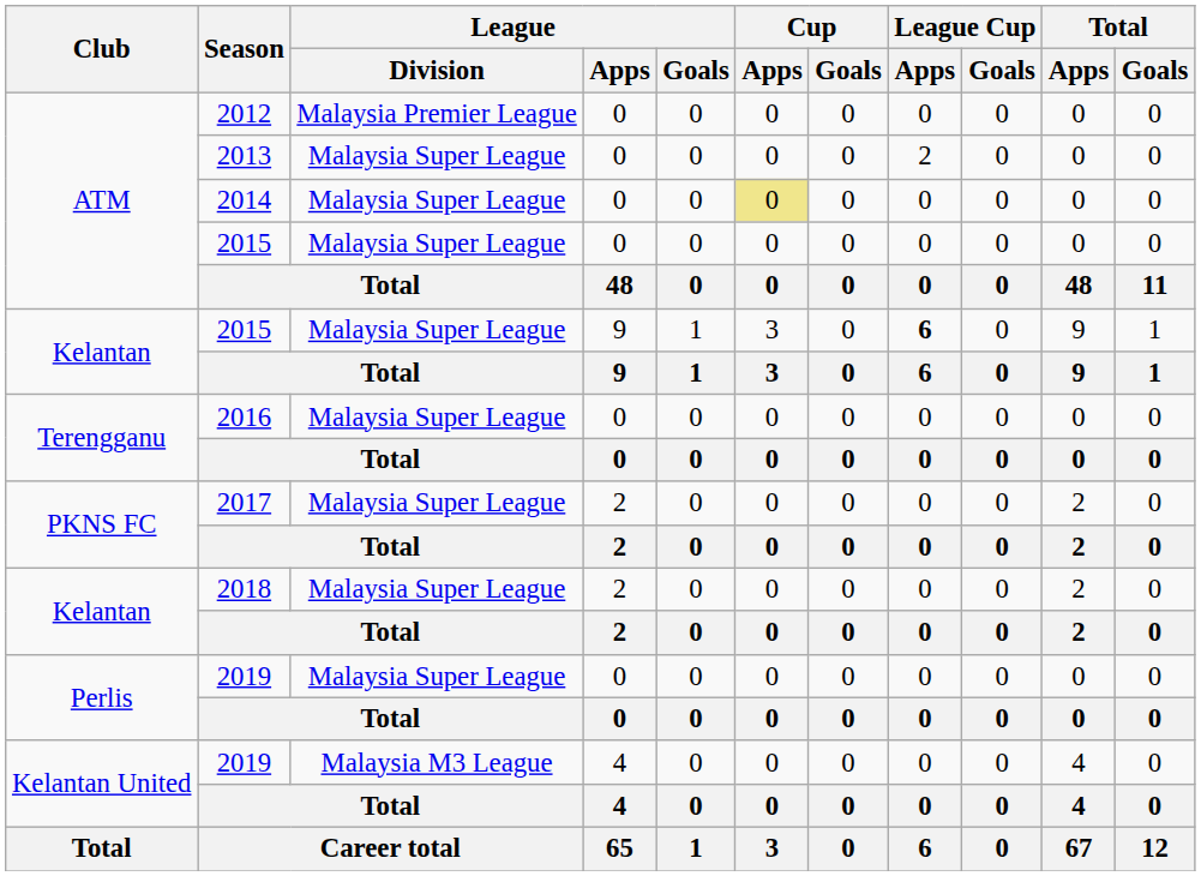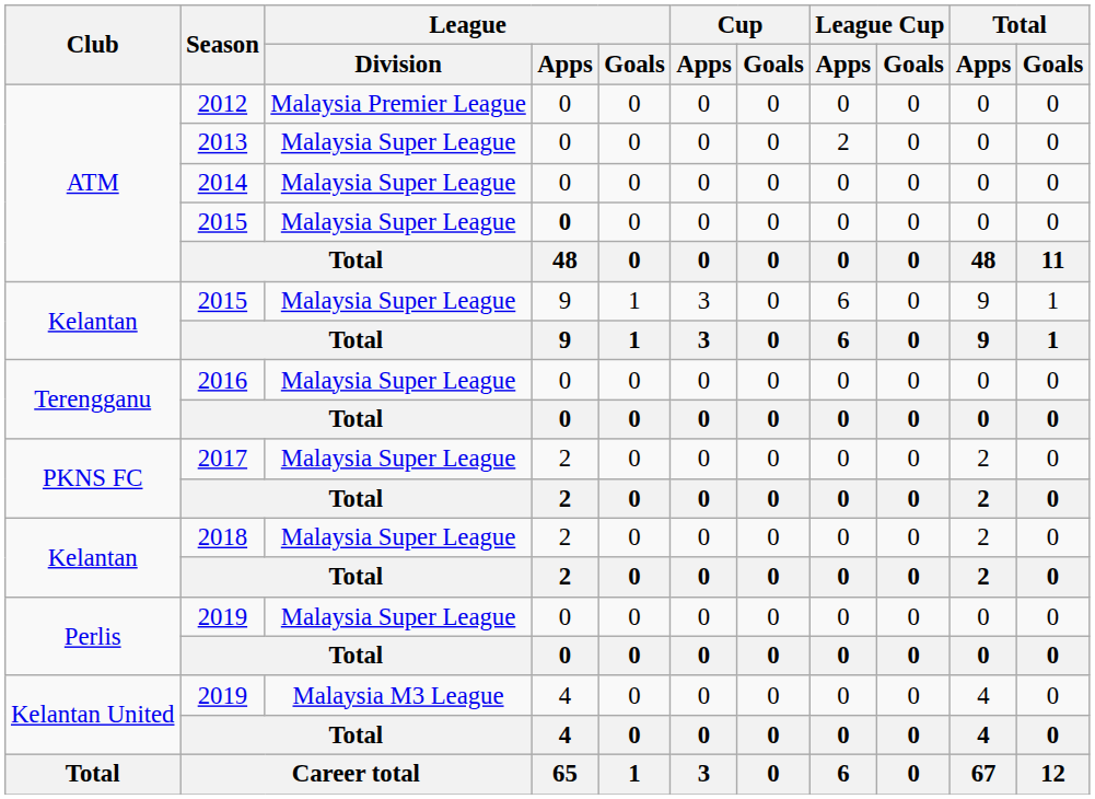 <table class="wikitable" style="text-align:center">
 <tr>
 <th rowspan="2">Club</th>
 <th rowspan="2">Season</th>
 <th colspan="3">League</th>
 <th colspan="2">Cup</th>
 <th colspan="2">League Cup</th>
 <th colspan="2">Total</th>
 </tr>
 <tr>
 <th>Division</th>
 <th>Apps</th>
 <th>Goals</th>
 <th>Apps</th>
 <th>Goals</th>
 <th>Apps</th>
 <th>Goals</th>
 <th>Apps</th>
 <th>Goals</th>
 </tr>
 <tr>
 <td rowspan="5"><a href='#'>ATM</a></td>
 <td><a href='#'>2012</a></td>
 <td><a href='#'>Malaysia Premier League</a></td>
 <td>0</td>
 <td>0</td>
 <td>0</td>
 <td>0</td>
 <td>0</td>
 <td>0</td>
 <td>0</td>
 <td>0</td>
 </tr>
 <tr>
 <td><a href='#'>2013</a></td>
 <td><a href='#'>Malaysia Super League</a></td>
 <td>0</td>
 <td>0</td>
 <td>0</td>
 <td>0</td>
 <td>2</td>
 <td>0</td>
 <td>0</td>
 <td>0</td>
 </tr>
 <tr>
 <td><a href='#'>2014</a></td>
 <td><a href='#'>Malaysia Super League</a></td>
 <td>0</td>
 <td>0</td>
-<td style="background: khaki;">0</td>
+<td>0</td>
 <td>0</td>
 <td>0</td>
 <td>0</td>
 <td>0</td>
 <td>0</td>
 </tr>
 <tr>
 <td><a href='#'>2015</a></td>
 <td><a href='#'>Malaysia Super League</a></td>
-<td>0</td>
+<td><strong>0</strong></td>
 <td>0</td>
 <td>0</td>
 <td>0</td>
 <td>0</td>
 <td>0</td>
 <td>0</td>
 <td>0</td>
 </tr>
 <tr>
 <th colspan="2">Total</th>
 <th>48</th>
 <th>0</th>
 <th>0</th>
 <th>0</th>
 <th>0</th>
 <th>0</th>
 <th>48</th>
 <th>11</th>
 </tr>
 <tr>
 <td rowspan="2"><a href='#'>Kelantan</a></td>
 <td><a href='#'>2015</a></td>
 <td><a href='#'>Malaysia Super League</a></td>
 <td>9</td>
 <td>1</td>
 <td>3</td>
 <td>0</td>
-<td><strong>6</strong></td>
+<td>6</td>
 <td>0</td>
 <td>9</td>
 <td>1</td>
 </tr>
 <tr>
 <th colspan="2">Total</th>
 <th>9</th>
 <th>1</th>
 <th>3</th>
 <th>0</th>
 <th>6</th>
 <th>0</th>
 <th>9</th>
 <th>1</th>
 </tr>
 <tr>
 <td rowspan="2"><a href='#'>Terengganu</a></td>
 <td><a href='#'>2016</a></td>
 <td><a href='#'>Malaysia Super League</a></td>
 <td>0</td>
 <td>0</td>
 <td>0</td>
 <td>0</td>
 <td>0</td>
 <td>0</td>
 <td>0</td>
 <td>0</td>
 </tr>
 <tr>
 <th colspan="2">Total</th>
 <th>0</th>
 <th>0</th>
 <th>0</th>
 <th>0</th>
 <th>0</th>
 <th>0</th>
 <th>0</th>
 <th>0</th>
 </tr>
 <tr>
 <td rowspan="2"><a href='#'>PKNS FC</a></td>
 <td><a href='#'>2017</a></td>
 <td><a href='#'>Malaysia Super League</a></td>
 <td>2</td>
 <td>0</td>
 <td>0</td>
 <td>0</td>
 <td>0</td>
 <td>0</td>
 <td>2</td>
 <td>0</td>
 </tr>
 <tr>
 <th colspan="2">Total</th>
 <th>2</th>
 <th>0</th>
 <th>0</th>
 <th>0</th>
 <th>0</th>
 <th>0</th>
 <th>2</th>
 <th>0</th>
 </tr>
 <tr>
 <td rowspan="2"><a href='#'>Kelantan</a></td>
 <td><a href='#'>2018</a></td>
 <td><a href='#'>Malaysia Super League</a></td>
 <td>2</td>
 <td>0</td>
 <td>0</td>
 <td>0</td>
 <td>0</td>
 <td>0</td>
 <td>2</td>
 <td>0</td>
 </tr>
 <tr>
 <th colspan="2">Total</th>
 <th>2</th>
 <th>0</th>
 <th>0</th>
 <th>0</th>
 <th>0</th>
 <th>0</th>
 <th>2</th>
 <th>0</th>
 </tr>
 <tr>
 <td rowspan="2"><a href='#'>Perlis</a></td>
 <td><a href='#'>2019</a></td>
 <td><a href='#'>Malaysia Super League</a></td>
 <td>0</td>
 <td>0</td>
 <td>0</td>
 <td>0</td>
 <td>0</td>
 <td>0</td>
 <td>0</td>
 <td>0</td>
 </tr>
 <tr>
 <th colspan="2">Total</th>
 <th>0</th>
 <th>0</th>
 <th>0</th>
 <th>0</th>
 <th>0</th>
 <th>0</th>
 <th>0</th>
 <th>0</th>
 </tr>
 <tr>
 <td rowspan="2"><a href='#'>Kelantan United</a></td>
 <td><a href='#'>2019</a></td>
 <td><a href='#'>Malaysia M3 League</a></td>
 <td>4</td>
 <td>0</td>
 <td>0</td>
 <td>0</td>
 <td>0</td>
 <td>0</td>
 <td>4</td>
 <td>0</td>
 </tr>
 <tr>
 <th colspan="2">Total</th>
 <th>4</th>
 <th>0</th>
 <th>0</th>
 <th>0</th>
 <th>0</th>
 <th>0</th>
 <th>4</th>
 <th>0</th>
 </tr>
 <tr>
 <th colspan="1">Total</th>
 <th colspan="2">Career total</th>
 <th>65</th>
 <th>1</th>
 <th>3</th>
 <th>0</th>
 <th>6</th>
 <th>0</th>
 <th>67</th>
 <th>12</th>
 </tr>
 </table>
